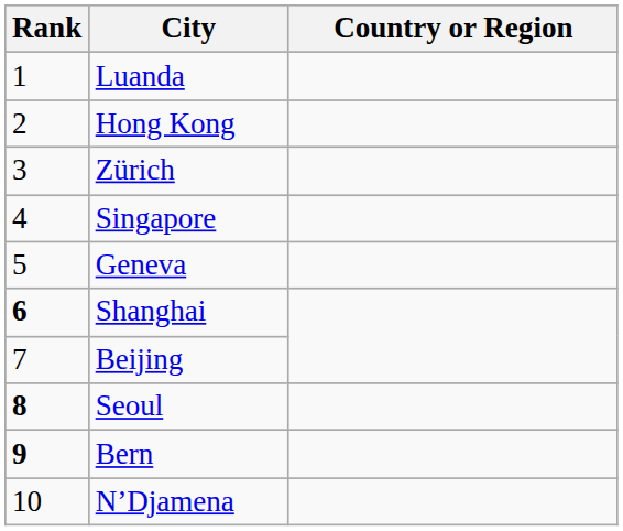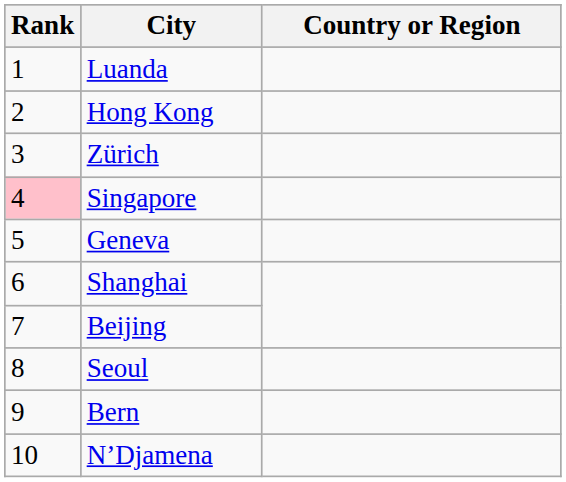 <table class="wikitable sortable">
 <tr>
 <th scope="col">Rank</th>
 <th scope="col" style="width:100px;">City</th>
 <th scope="col" style="width:170px;">Country or Region</th>
 </tr>
 <tr>
 <td>1</td>
 <td><a href='#'>Luanda</a></td>
 <td></td>
 </tr>
 <tr>
 <td>2</td>
 <td><a href='#'>Hong Kong</a></td>
 <td></td>
 </tr>
 <tr>
 <td>3</td>
 <td><a href='#'>Zürich</a></td>
 <td></td>
 </tr>
 <tr>
-<td>4</td>
+<td style="background: pink;">4</td>
 <td><a href='#'>Singapore</a></td>
 <td></td>
 </tr>
 <tr>
 <td>5</td>
 <td><a href='#'>Geneva</a></td>
 <td></td>
 </tr>
 <tr>
-<td><strong>6</strong></td>
+<td>6</td>
 <td><a href='#'>Shanghai</a></td>
 <td rowspan="2"></td>
 </tr>
 <tr>
 <td>7</td>
 <td><a href='#'>Beijing</a></td>
 </tr>
 <tr>
-<td><strong>8</strong></td>
+<td>8</td>
 <td><a href='#'>Seoul</a></td>
 <td></td>
 </tr>
 <tr>
-<td><strong>9</strong></td>
+<td>9</td>
 <td><a href='#'>Bern</a></td>
 <td></td>
 </tr>
 <tr>
 <td>10</td>
 <td><a href='#'>N’Djamena</a></td>
 <td></td>
 </tr>
 </table>
